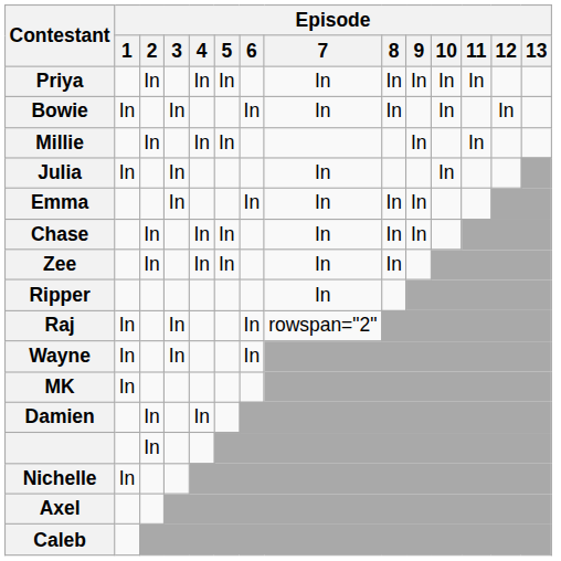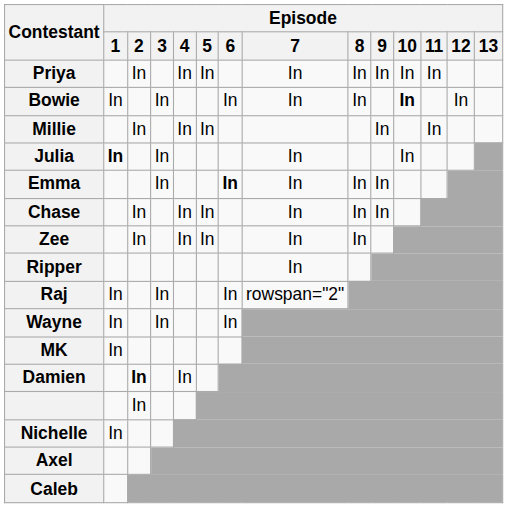 <table class="wikitable" style="text-align: center;">
 <tr>
 <th rowspan="2">Contestant</th>
 <th colspan="100%">Episode</th>
 </tr>
 <tr>
 <th>1</th>
 <th>2</th>
 <th>3</th>
 <th>4</th>
 <th>5</th>
 <th>6</th>
 <th>7</th>
 <th>8</th>
 <th>9</th>
 <th>10</th>
 <th>11</th>
 <th>12</th>
 <th>13</th>
 </tr>
 <tr>
 <th scope="row">Priya</th>
 <td> </td>
 <td> In</td>
 <td> </td>
 <td> In</td>
 <td> In</td>
 <td> </td>
 <td> In</td>
 <td> In</td>
 <td> In</td>
 <td> In</td>
 <td> In</td>
 <td> </td>
 <td> </td>
 </tr>
 <tr>
 <th scope="row">Bowie</th>
 <td> In</td>
 <td> </td>
 <td> In</td>
 <td> </td>
 <td> </td>
 <td> In</td>
 <td> In</td>
 <td> In</td>
 <td> </td>
-<td> In</td>
+<td><strong> In</strong></td>
 <td> </td>
 <td> In</td>
 <td> </td>
 </tr>
 <tr>
 <th scope="row">Millie</th>
 <td> </td>
 <td> In</td>
 <td> </td>
 <td> In</td>
 <td> In</td>
 <td> </td>
 <td> </td>
 <td> </td>
 <td> In</td>
 <td> </td>
 <td> In</td>
 <td> </td>
 <td> </td>
 </tr>
 <tr>
 <th scope="row">Julia</th>
-<td> In</td>
+<td><strong> In</strong></td>
 <td> </td>
 <td> In</td>
 <td> </td>
 <td> </td>
 <td> </td>
 <td> In</td>
 <td> </td>
 <td> </td>
 <td> In</td>
 <td> </td>
 <td> </td>
 <td colspan="100%" style="background:darkgray; border:none;"></td>
 </tr>
 <tr>
 <th scope="row">Emma</th>
 <td> </td>
 <td> </td>
 <td> In</td>
 <td> </td>
 <td> </td>
-<td> In</td>
+<td><strong> In</strong></td>
 <td> In</td>
 <td> In</td>
 <td> In</td>
 <td> </td>
 <td> </td>
 <td colspan="100%" style="background:darkgray; border:none;"></td>
 </tr>
 <tr>
 <th scope="row">Chase</th>
 <td> </td>
 <td> In</td>
 <td> </td>
 <td> In</td>
 <td> In</td>
 <td> </td>
 <td> In</td>
 <td> In</td>
 <td> In</td>
 <td> </td>
 <td colspan="100%" style="background:darkgray; border:none;"></td>
 </tr>
 <tr>
 <th scope="row">Zee</th>
 <td> </td>
 <td> In</td>
 <td> </td>
 <td> In</td>
 <td> In</td>
 <td> </td>
 <td>In</td>
 <td> In</td>
 <td> </td>
 <td colspan="100%" style="background:darkgray; border:none;"></td>
 </tr>
 <tr>
 <th scope="row">Ripper</th>
 <td> </td>
 <td> </td>
 <td> </td>
 <td> </td>
 <td> </td>
 <td> </td>
 <td> In</td>
 <td> </td>
 <td colspan="100%" style="background:darkgray; border:none;"></td>
 </tr>
 <tr>
 <th scope="row">Raj</th>
 <td> In</td>
 <td> </td>
 <td> In</td>
 <td> </td>
 <td> </td>
 <td> In</td>
 <td> rowspan="2" </td>
 <td colspan="100%" style="background:darkgray; border:none;"></td>
 </tr>
 <tr>
 <th scope="row">Wayne</th>
 <td> In</td>
 <td> </td>
 <td> In</td>
 <td> </td>
 <td> </td>
 <td> In</td>
 <td colspan="100%" style="background:darkgray; border:none;"></td>
 </tr>
 <tr>
 <th scope="row">MK</th>
 <td> In</td>
 <td> </td>
 <td> </td>
 <td> </td>
 <td> </td>
 <td> </td>
 <td colspan="100%" style="background:darkgray; border:none;"></td>
 </tr>
 <tr>
 <th scope="row">Damien</th>
 <td> </td>
-<td> In</td>
+<td><strong> In</strong></td>
 <td> </td>
 <td> In</td>
 <td> </td>
 <td colspan="100%" style="background:darkgray; border:none;"></td>
 </tr>
 <tr>
 <th scope="row"></th>
 <td> </td>
 <td> In</td>
 <td> </td>
 <td> </td>
 <td colspan="100%" style="background:darkgray; border:none;"></td>
 </tr>
 <tr>
 <th scope="row">Nichelle</th>
 <td> In</td>
 <td> </td>
 <td> </td>
 <td colspan="100%" style="background:darkgray; border:none;"></td>
 </tr>
 <tr>
 <th scope="row">Axel</th>
 <td> </td>
 <td> </td>
 <td colspan="100%" style="background:darkgray; border:none;"></td>
 </tr>
 <tr>
 <th scope="row">Caleb</th>
 <td> </td>
 <td colspan="100%" style="background:darkgray; border:none;"></td>
 </tr>
 </table>
